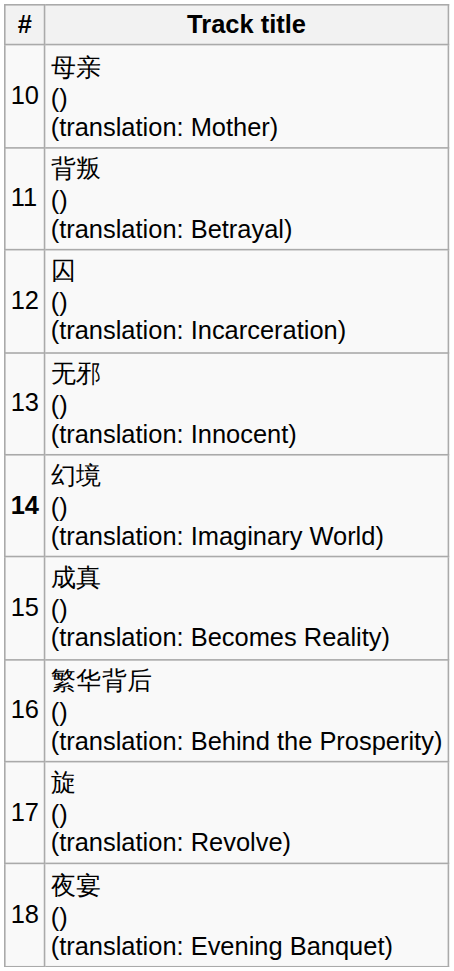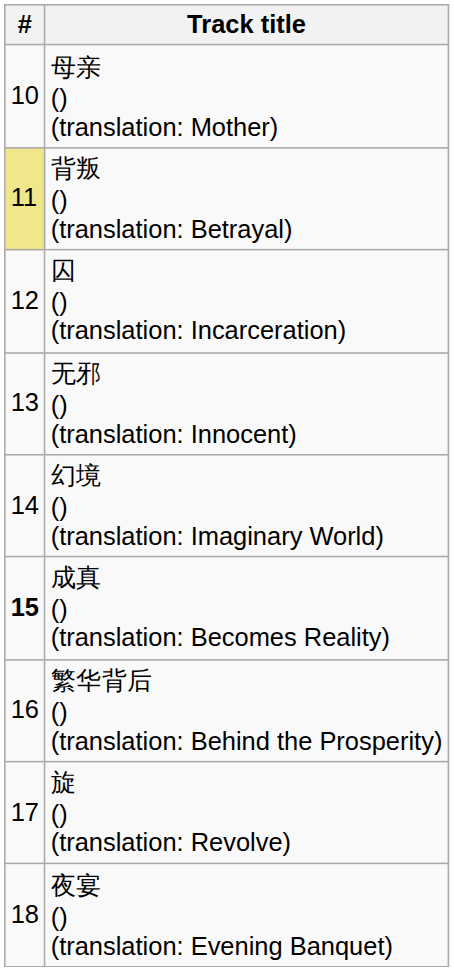 <table class="wikitable">
 <tr>
 <th>#</th>
 <th>Track title</th>
 </tr>
 <tr>
 <td>10</td>
 <td>母亲<br>()<br>(translation: Mother)</td>
 </tr>
 <tr>
-<td>11</td>
+<td style="background: khaki;">11</td>
 <td>背叛<br>()<br>(translation: Betrayal)</td>
 </tr>
 <tr>
 <td>12</td>
 <td>囚<br>()<br>(translation: Incarceration)</td>
 </tr>
 <tr>
 <td>13</td>
 <td>无邪<br>()<br>(translation: Innocent)</td>
 </tr>
 <tr>
-<td><strong>14</strong></td>
+<td>14</td>
 <td>幻境<br>()<br>(translation: Imaginary World)</td>
 </tr>
 <tr>
-<td>15</td>
+<td><strong>15</strong></td>
 <td>成真<br>()<br>(translation: Becomes Reality)</td>
 </tr>
 <tr>
 <td>16</td>
 <td>繁华背后<br>()<br>(translation: Behind the Prosperity)</td>
 </tr>
 <tr>
 <td>17</td>
 <td>旋<br>()<br>(translation: Revolve)</td>
 </tr>
 <tr>
 <td>18</td>
 <td>夜宴<br>()<br>(translation: Evening Banquet)</td>
 </tr>
 </table>
